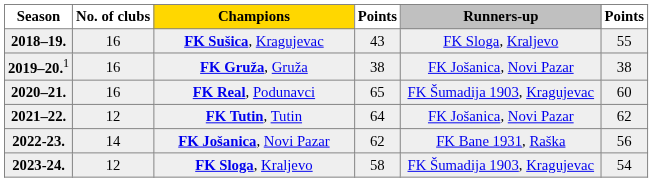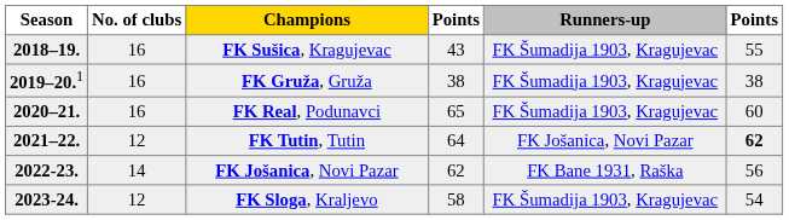 <table cellpadding="3" cellspacing="0" border="1" style="background:#FF F8 DC; font-size:95%; border:gray solid 1px; border-collapse:collapse;">
 <tr style="background:#FF F8 DC; text-align:center">
 <td><strong>Season</strong></td>
 <td><strong>No. of clubs</strong></td>
 <td style="background:gold; width:200px;"><strong>Champions</strong></td>
 <td><strong>Points</strong></td>
 <td style="background:silver; width:200px;"><strong>Runners-up</strong></td>
 <td><strong>Points</strong></td>
 </tr>
 <tr style="background:#efefef; text-align:center;">
 <td><strong>2018–19.</strong></td>
 <td>16</td>
 <td><strong><a href='#'>FK Sušica</a></strong>, <a href='#'>Kragujevac</a></td>
 <td>43</td>
-<td><a href='#'>FK Sloga</a>, <a href='#'>Kraljevo</a></td>
+<td><a href='#'>FK Šumadija 1903</a>, <a href='#'>Kragujevac</a></td>
 <td>55</td>
 </tr>
 <tr style="background:#efefef; text-align:center">
 <td><strong> 2019–20.</strong><sup>1</sup></td>
 <td>16</td>
 <td><a href='#'><strong>FK Gruža</strong></a>, <a href='#'>Gruža</a></td>
 <td>38</td>
-<td><a href='#'>FK Jošanica</a>, <a href='#'>Novi Pazar</a></td>
+<td><a href='#'>FK Šumadija 1903</a>, <a href='#'>Kragujevac</a></td>
 <td>38</td>
 </tr>
 <tr style="background:#efefef; text-align:center;">
 <td><strong>2020–21.</strong></td>
 <td>16</td>
 <td><strong><a href='#'>FK Real</a></strong>, <a href='#'>Podunavci</a></td>
 <td>65</td>
 <td><a href='#'>FK Šumadija 1903</a>, <a href='#'>Kragujevac</a></td>
 <td>60</td>
 </tr>
 <tr style="background:#efefef; text-align:center;">
 <td><strong> 2021–22.</strong></td>
 <td>12</td>
 <td><strong><a href='#'>FK Tutin</a></strong>, <a href='#'>Tutin</a></td>
 <td>64</td>
 <td><a href='#'>FK Jošanica</a>, <a href='#'>Novi Pazar</a></td>
-<td>62</td>
+<td><strong>62</strong></td>
 </tr>
 <tr style="background:#efefef; text-align:center;">
 <td><strong>2022-23.</strong></td>
 <td>14</td>
 <td><strong><a href='#'>FK Jošanica</a></strong>, <a href='#'>Novi Pazar</a></td>
 <td>62</td>
 <td><a href='#'>FK Bane 1931</a>, <a href='#'>Raška</a></td>
 <td>56</td>
 </tr>
 <tr style="background:#efefef; text-align:center;">
 <td><strong>2023-24.</strong> </td>
 <td>12</td>
 <td><a href='#'><strong>FK Sloga</strong></a>, <a href='#'>Kraljevo</a></td>
 <td>58</td>
 <td><a href='#'>FK Šumadija 1903</a>, <a href='#'>Kragujevac</a></td>
 <td>54</td>
 </tr>
 </table>
